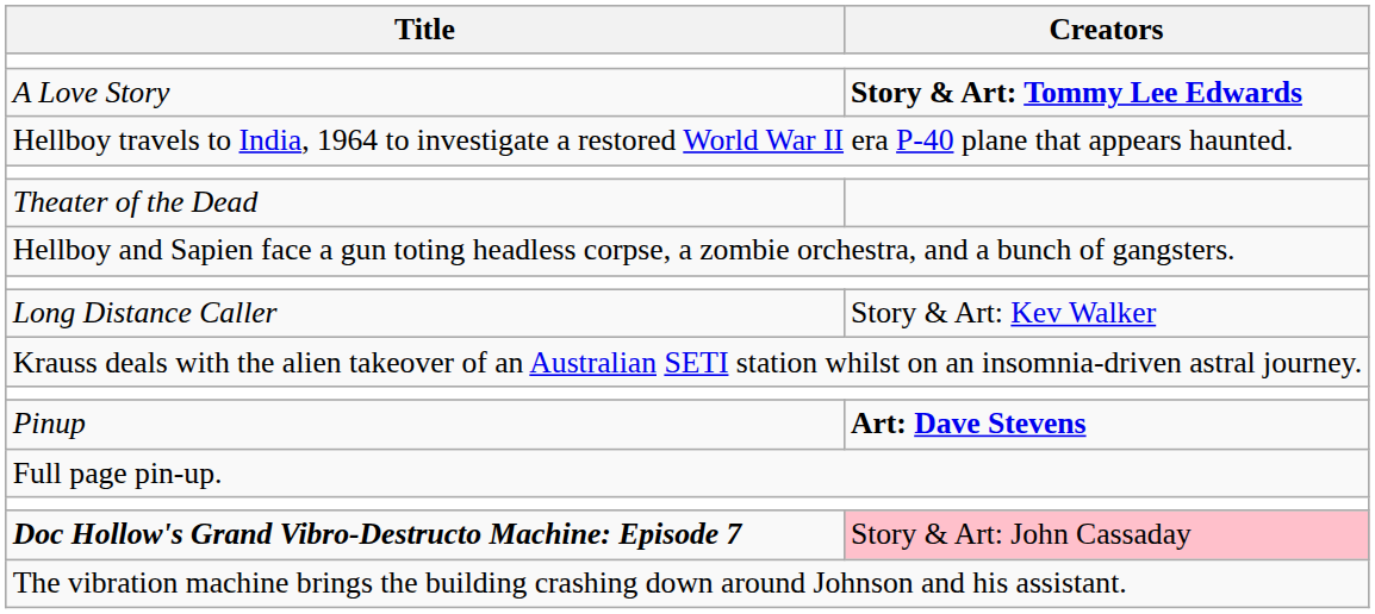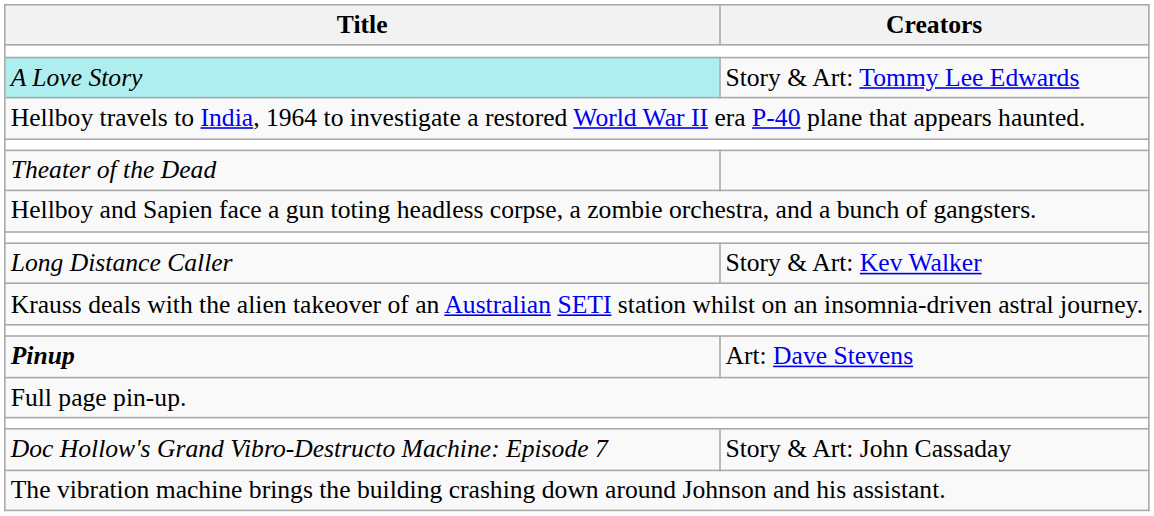 <table class="wikitable">
 <tr>
 <th>Title</th>
 <th>Creators</th>
 </tr>
 <tr>
 <td colspan="6" bgcolor="#FFFFFF"></td>
 </tr>
 <tr>
-<td><em>A Love Story</em></td>
-<td><strong>Story & Art: <a href='#'>Tommy Lee Edwards</a></strong></td>
+<td style="background: paleturquoise;"><em>A Love Story</em></td>
+<td>Story & Art: <a href='#'>Tommy Lee Edwards</a></td>
 </tr>
 <tr>
 <td colspan="6">Hellboy travels to <a href='#'>India</a>, 1964 to investigate a restored <a href='#'>World War II</a> era <a href='#'>P-40</a> plane that appears haunted.</td>
 </tr>
 <tr>
 <td colspan="6" bgcolor="#FFFFFF"></td>
 </tr>
 <tr>
 <td><em>Theater of the Dead</em></td>
 <td></td>
 </tr>
 <tr>
 <td colspan="6">Hellboy and Sapien face a gun toting headless corpse, a zombie orchestra, and a bunch of gangsters.</td>
 </tr>
 <tr>
 <td colspan="6" bgcolor="#FFFFFF"></td>
 </tr>
 <tr>
 <td><em>Long Distance Caller</em></td>
 <td>Story & Art: <a href='#'>Kev Walker</a></td>
 </tr>
 <tr>
 <td colspan="6">Krauss deals with the alien takeover of an <a href='#'>Australian</a> <a href='#'>SETI</a> station whilst on an insomnia-driven astral journey.</td>
 </tr>
 <tr>
 <td colspan="6" bgcolor="#FFFFFF"></td>
 </tr>
 <tr>
-<td><em>Pinup</em></td>
-<td><strong>Art: <a href='#'>Dave Stevens</a></strong></td>
+<td><strong><em>Pinup</em></strong></td>
+<td>Art: <a href='#'>Dave Stevens</a></td>
 </tr>
 <tr>
 <td colspan="6">Full page pin-up.</td>
 </tr>
 <tr>
 <td colspan="6" bgcolor="#FFFFFF"></td>
 </tr>
 <tr>
-<td><strong><em>Doc Hollow's Grand Vibro-Destructo Machine: Episode 7</em></strong></td>
-<td style="background: pink;">Story & Art: John Cassaday</td>
+<td><em>Doc Hollow's Grand Vibro-Destructo Machine: Episode 7</em></td>
+<td>Story & Art: John Cassaday</td>
 </tr>
 <tr>
 <td colspan="6">The vibration machine brings the building crashing down around Johnson and his assistant.</td>
 </tr>
 </table>
